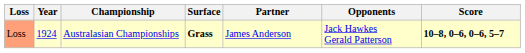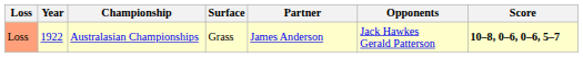 <table class="sortable wikitable">
 <tr>
 <th style="width:40px">Loss</th>
 <th style="width:35px">Year</th>
 <th style="width:190px">Championship</th>
 <th style="width:50px">Surface</th>
 <th style="width:150px">Partner</th>
 <th style="width:150px">Opponents</th>
 <th style="width:150px" class="unsortable">Score</th>
 </tr>
 <tr style="background:#ffc;">
 <td style="background:#ffa07a;">Loss</td>
-<td><a href='#'>1924</a></td>
+<td><a href='#'>1922</a></td>
 <td><a href='#'>Australasian Championships</a></td>
-<td><strong>Grass</strong></td>
+<td>Grass</td>
 <td> <a href='#'>James Anderson</a></td>
 <td> <a href='#'>Jack Hawkes</a><br> <a href='#'>Gerald Patterson</a></td>
 <td><strong>10–8, 0–6, 0–6, 5–7</strong></td>
 </tr>
 </table>
